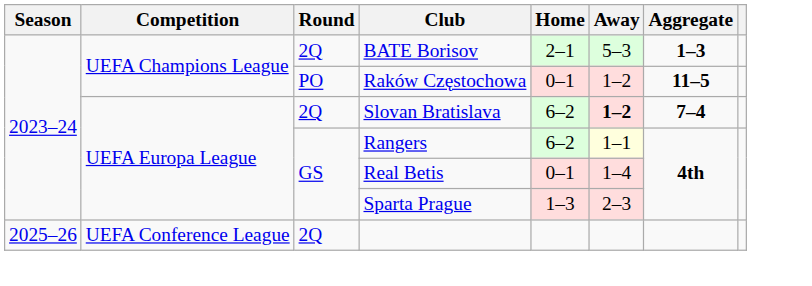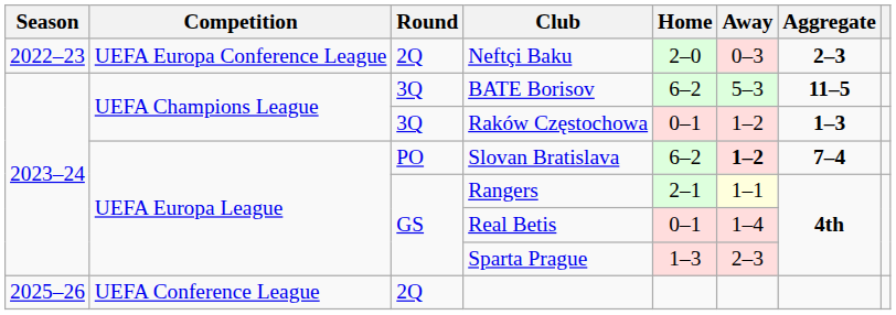 <table class="wikitable">
 <tr>
 <th>Season</th>
 <th>Competition</th>
 <th>Round</th>
 <th>Club</th>
 <th>Home</th>
 <th>Away</th>
 <th>Aggregate</th>
 <th></th>
 </tr>
 <tr>
+<td rowspan="1"><a href='#'>2022–23</a></td>
+<td rowspan="1"><a href='#'>UEFA Europa Conference League</a></td>
+<td><a href='#'>2Q</a></td>
+<td> <a href='#'>Neftçi Baku</a></td>
+<td style="text-align:center; background:#dfd;">2–0</td>
+<td style="text-align:center; background:#fdd;">0–3</td>
+<td style="text-align:center;"><strong>2–3</strong></td>
+<td style="text-align:center;"></td>
+</tr>
+<tr>
 <td rowspan="6"><a href='#'>2023–24</a></td>
 <td rowspan="2"><a href='#'>UEFA Champions League</a></td>
-<td><a href='#'>2Q</a></td>
+<td><a href='#'>3Q</a></td>
 <td> <a href='#'>BATE Borisov</a></td>
-<td style="text-align:center; background:#dfd;">2–1</td>
+<td style="text-align:center; background:#dfd;">6–2</td>
 <td style="text-align:center; background:#dfd;">5–3</td>
+<td style="text-align:center;"><strong>11–5</strong></td>
+<td style="text-align:center;"></td>
+</tr>
+<tr>
+<td><a href='#'>3Q</a></td>
+<td> <a href='#'>Raków Częstochowa</a></td>
+<td style="text-align:center; background:#fdd;">0–1</td>
+<td style="text-align:center; background:#fdd;">1–2</td>
 <td style="text-align:center;"><strong>1–3</strong></td>
 <td style="text-align:center;"></td>
 </tr>
 <tr>
+<td rowspan="4"><a href='#'>UEFA Europa League</a></td>
 <td><a href='#'>PO</a></td>
-<td> <a href='#'>Raków Częstochowa</a></td>
-<td style="text-align:center; background:#fdd;">0–1</td>
-<td style="text-align:center; background:#fdd;">1–2</td>
-<td style="text-align:center;"><strong>11–5</strong></td>
-<td style="text-align:center;"></td>
-</tr>
-<tr>
-<td rowspan="4"><a href='#'>UEFA Europa League</a></td>
-<td><a href='#'>2Q</a></td>
 <td> <a href='#'>Slovan Bratislava</a></td>
 <td style="text-align:center; background:#dfd;">6–2</td>
 <td style="text-align:center; background:#fdd;"><strong>1–2</strong></td>
 <td style="text-align:center;"><strong>7–4</strong></td>
 <td style="text-align:center;"></td>
 </tr>
 <tr>
 <td rowspan="3" rownspan="3"><a href='#'>GS</a></td>
 <td> <a href='#'>Rangers</a></td>
-<td style="text-align:center; background:#dfd;">6–2</td>
+<td style="text-align:center; background:#dfd;">2–1</td>
 <td style="text-align:center; background:#ffd;">1–1</td>
 <td rowspan="3" style="text-align:center;"><strong>4th</strong></td>
 <td rowspan="3"></td>
 </tr>
 <tr>
 <td> <a href='#'>Real Betis</a></td>
 <td style="text-align:center; background:#fdd;">0–1</td>
 <td style="text-align:center; background:#fdd;">1–4</td>
 </tr>
 <tr>
 <td> <a href='#'>Sparta Prague</a></td>
 <td style="text-align:center; background:#fdd;">1–3</td>
 <td style="text-align:center; background:#fdd;">2–3</td>
 </tr>
 <tr>
 <td><a href='#'>2025–26</a></td>
 <td><a href='#'>UEFA Conference League</a></td>
 <td><a href='#'>2Q</a></td>
 <td></td>
 <td style="text-align:center;"></td>
 <td style="text-align:center;"></td>
 <td style="text-align:center;"></td>
 <td style="text-align:center;"></td>
 </tr>
 </table>
